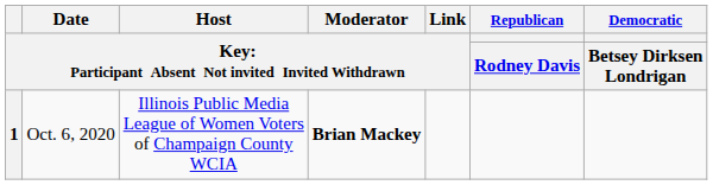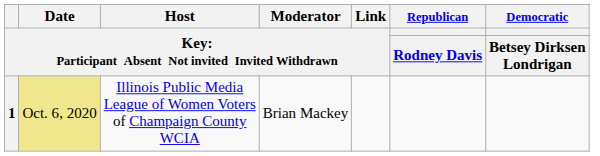 <table class="wikitable" style="text-align:center;">
 <tr>
 <th scope="col"></th>
 <th scope="col">Date</th>
 <th scope="col">Host</th>
 <th scope="col">Moderator</th>
 <th scope="col">Link</th>
 <th scope="col"><small><a href='#'>Republican</a></small></th>
 <th scope="col"><small><a href='#'>Democratic</a></small></th>
 </tr>
 <tr>
 <th colspan="5" rowspan="2">Key:<br> <small>Participant </small>  <small>Absent </small>  <small>Not invited </small>  <small>Invited  Withdrawn</small></th>
 <th scope="col" style="background:"></th>
 <th scope="col" style="background:"></th>
 </tr>
 <tr>
 <th scope="col"><a href='#'>Rodney Davis</a></th>
 <th scope="col">Betsey Dirksen<br>Londrigan</th>
 </tr>
 <tr>
 <th>1</th>
-<td style="white-space:nowrap;">Oct. 6, 2020</td>
+<td style="background: khaki; white-space:nowrap;">Oct. 6, 2020</td>
 <td style="white-space:nowrap;"><a href='#'>Illinois Public Media</a><br><a href='#'>League of Women Voters</a><br>of <a href='#'>Champaign County</a><br><a href='#'>WCIA</a></td>
-<td style="white-space:nowrap;"><strong>Brian Mackey</strong></td>
+<td style="white-space:nowrap;">Brian Mackey</td>
 <td style="white-space:nowrap;"></td>
 <td></td>
 <td></td>
 </tr>
 </table>
